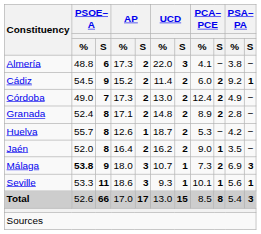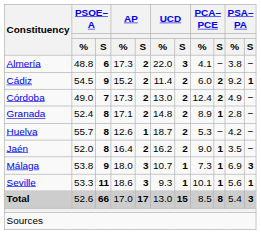 <table class="wikitable sortable" style="text-align:right; line-height:20px;">
 <tr>
 <th rowspan="3">Constituency</th>
 <th colspan="2" width="30px" class="unsortable"><a href='#'>PSOE–A</a></th>
 <th colspan="2" width="30px" class="unsortable"><a href='#'>AP</a></th>
 <th colspan="2" width="30px" class="unsortable"><a href='#'>UCD</a></th>
 <th colspan="2" width="30px" class="unsortable"><a href='#'>PCA–PCE</a></th>
 <th colspan="2" width="30px" class="unsortable"><a href='#'>PSA–PA</a></th>
 </tr>
 <tr>
 <th colspan="2" style="background:"></th>
 <th colspan="2" style="background:"></th>
 <th colspan="2" style="background:"></th>
 <th colspan="2" style="background:"></th>
 <th colspan="2" style="background:"></th>
 </tr>
 <tr>
 <th data-sort-type="number">%</th>
 <th data-sort-type="number">S</th>
 <th data-sort-type="number">%</th>
 <th data-sort-type="number">S</th>
 <th data-sort-type="number">%</th>
 <th data-sort-type="number">S</th>
 <th data-sort-type="number">%</th>
 <th data-sort-type="number">S</th>
 <th data-sort-type="number">%</th>
 <th data-sort-type="number">S</th>
 </tr>
 <tr>
 <td align="left"><a href='#'>Almería</a></td>
 <td style="background:">48.8</td>
 <td><strong>6</strong></td>
 <td>17.3</td>
 <td><strong>2</strong></td>
 <td>22.0</td>
 <td><strong>3</strong></td>
 <td>4.1</td>
 <td>−</td>
 <td>3.8</td>
 <td>−</td>
 </tr>
 <tr>
 <td align="left"><a href='#'>Cádiz</a></td>
 <td style="background:">54.5</td>
 <td><strong>9</strong></td>
 <td>15.2</td>
 <td><strong>2</strong></td>
 <td>11.4</td>
 <td><strong>2</strong></td>
 <td>6.0</td>
 <td><strong>2</strong></td>
 <td>9.2</td>
 <td><strong>1</strong></td>
 </tr>
 <tr>
 <td align="left"><a href='#'>Córdoba</a></td>
 <td style="background:">49.0</td>
 <td><strong>7</strong></td>
 <td>17.3</td>
 <td><strong>2</strong></td>
 <td>13.0</td>
 <td><strong>2</strong></td>
 <td>12.4</td>
 <td><strong>2</strong></td>
 <td>4.9</td>
 <td>−</td>
 </tr>
 <tr>
 <td align="left"><a href='#'>Granada</a></td>
 <td style="background:">52.4</td>
 <td><strong>8</strong></td>
 <td>17.1</td>
 <td><strong>2</strong></td>
 <td>14.8</td>
 <td><strong>2</strong></td>
 <td>8.9</td>
-<td><strong>2</strong></td>
+<td><strong>1</strong></td>
 <td>2.8</td>
 <td>−</td>
 </tr>
 <tr>
 <td align="left"><a href='#'>Huelva</a></td>
 <td style="background:">55.7</td>
 <td><strong>8</strong></td>
 <td>12.6</td>
 <td><strong>1</strong></td>
 <td>18.7</td>
 <td><strong>2</strong></td>
 <td>5.3</td>
 <td>−</td>
 <td>4.2</td>
 <td>−</td>
 </tr>
 <tr>
 <td align="left"><a href='#'>Jaén</a></td>
 <td style="background:">52.0</td>
 <td><strong>8</strong></td>
 <td>16.4</td>
 <td><strong>2</strong></td>
 <td>16.2</td>
 <td><strong>2</strong></td>
 <td>9.0</td>
 <td><strong>1</strong></td>
 <td>3.5</td>
 <td>−</td>
 </tr>
 <tr>
 <td align="left"><a href='#'>Málaga</a></td>
-<td style="background:"><strong>53.8</strong></td>
+<td style="background:">53.8</td>
 <td><strong>9</strong></td>
 <td>18.0</td>
 <td><strong>3</strong></td>
 <td>10.7</td>
 <td><strong>1</strong></td>
 <td>7.3</td>
-<td><strong>2</strong></td>
+<td><strong>1</strong></td>
 <td>6.9</td>
 <td><strong>3</strong></td>
 </tr>
 <tr>
 <td align="left"><a href='#'>Seville</a></td>
 <td style="background:">53.3</td>
 <td><strong>11</strong></td>
 <td>18.6</td>
 <td><strong>3</strong></td>
 <td>9.3</td>
 <td><strong>1</strong></td>
 <td>10.1</td>
 <td><strong>1</strong></td>
 <td>5.6</td>
 <td><strong>1</strong></td>
 </tr>
 <tr style="background:#CDCDCD;">
 <td align="left"><strong>Total</strong></td>
 <td style="background:">52.6</td>
 <td><strong>66</strong></td>
 <td>17.0</td>
 <td><strong>17</strong></td>
 <td>13.0</td>
 <td><strong>15</strong></td>
 <td>8.5</td>
 <td><strong>8</strong></td>
 <td>5.4</td>
 <td><strong>3</strong></td>
 </tr>
 <tr>
 <th colspan="11"></th>
 </tr>
 <tr>
 <th style="text-align:left; font-weight:normal; background:#F9F9F9" colspan="11">Sources</th>
 </tr>
 </table>
